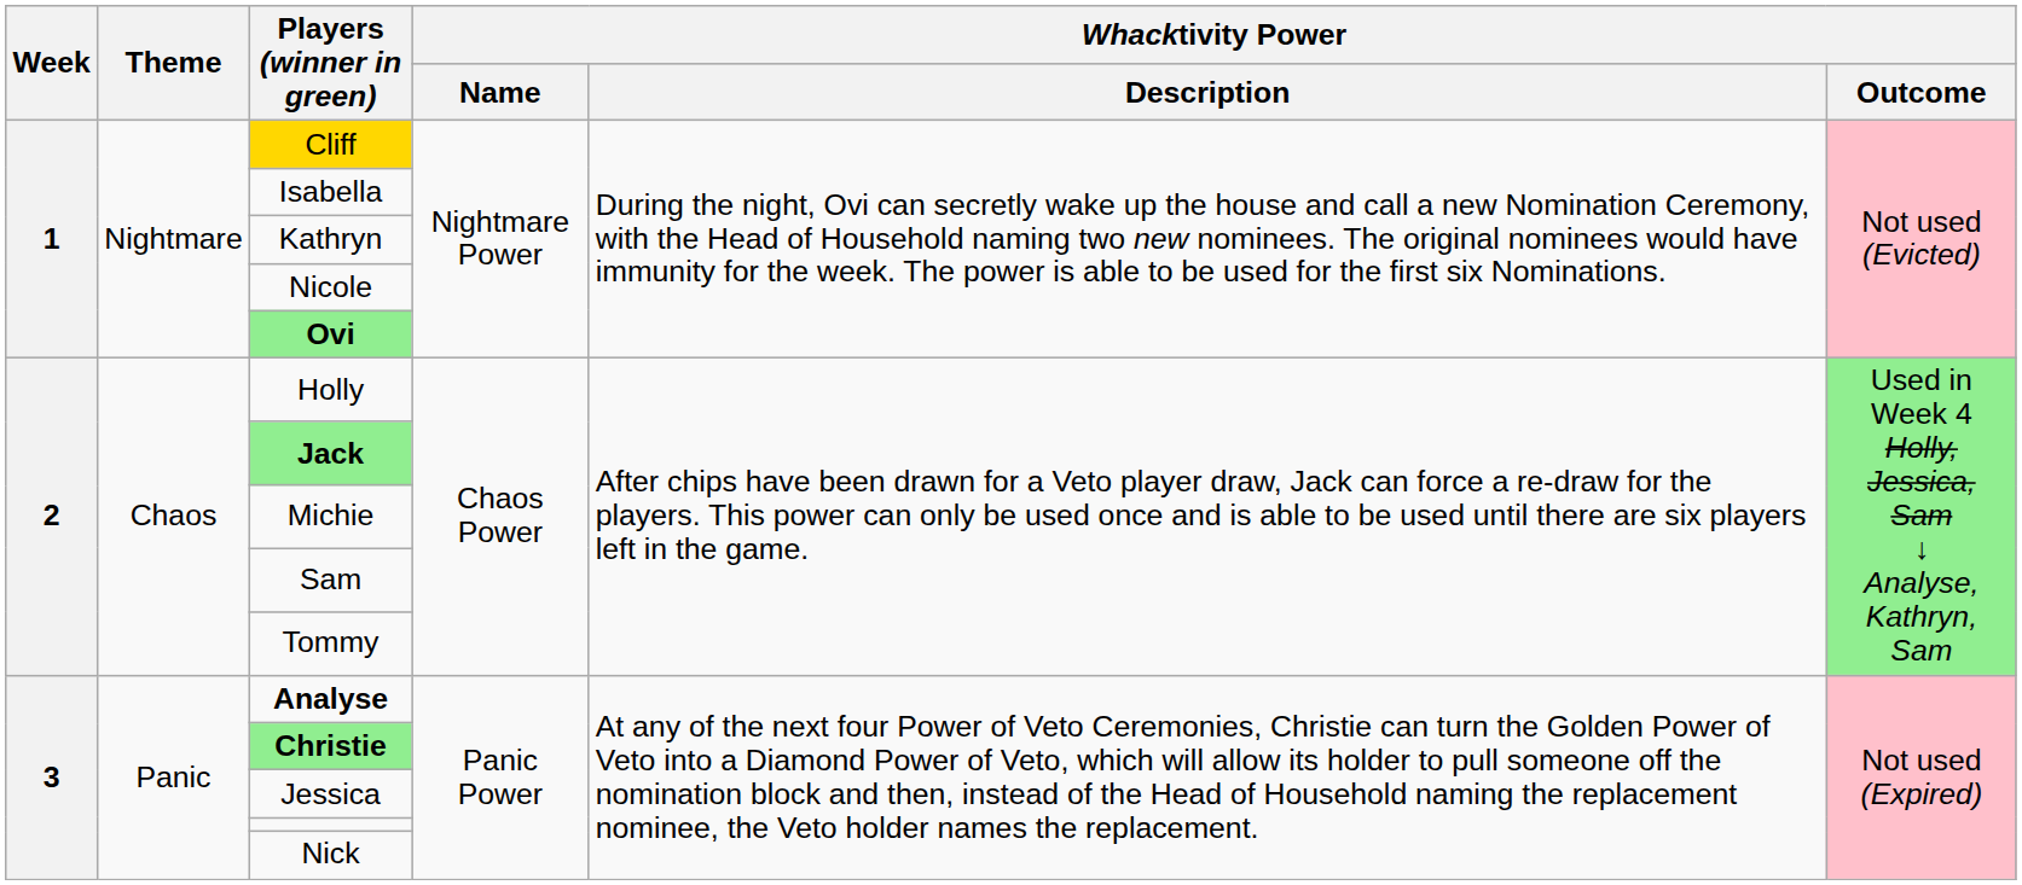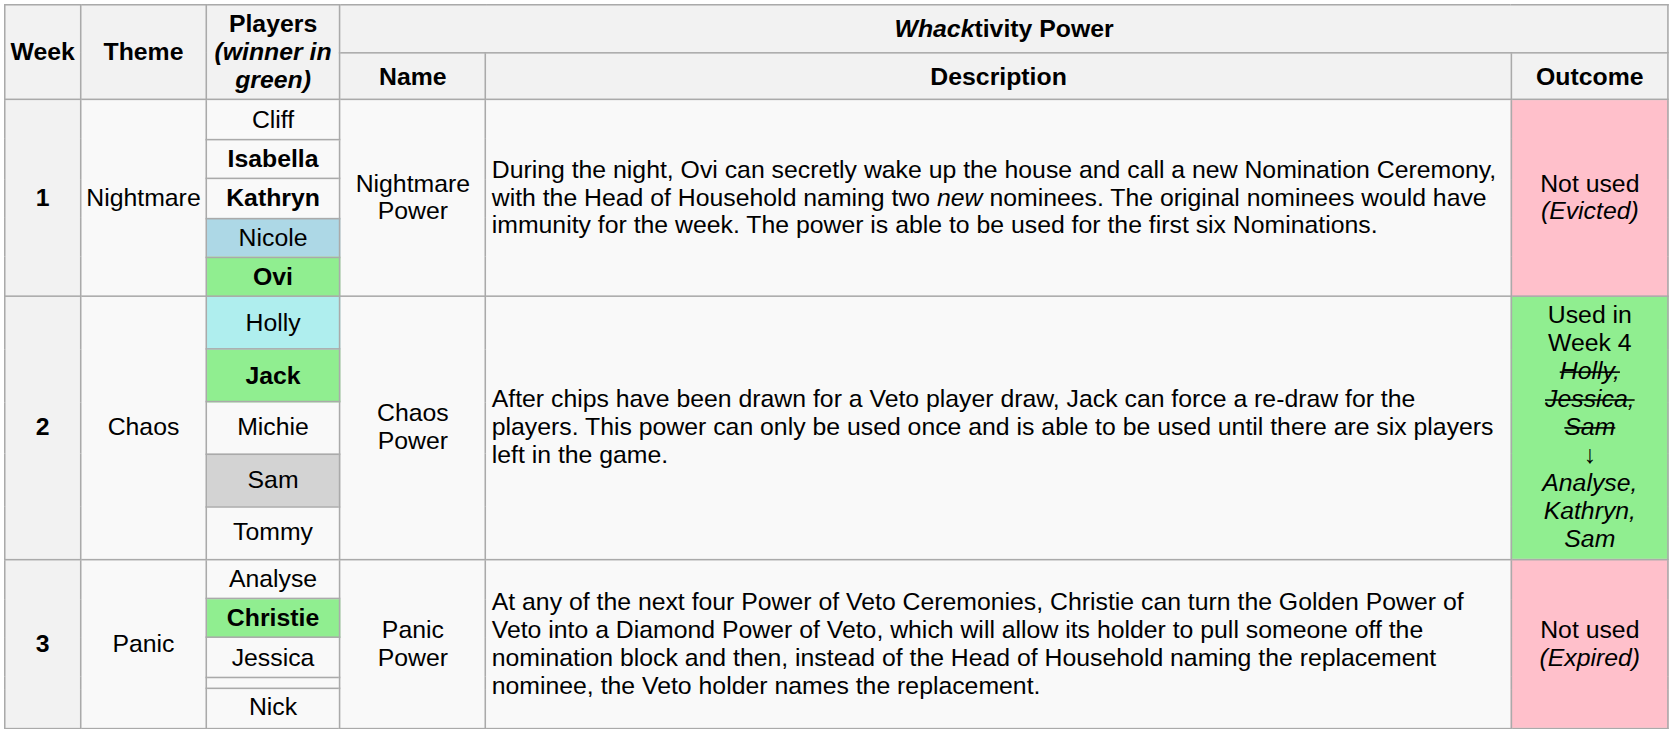 <table class="wikitable" style="text-align:center; width:85%">
 <tr>
 <th scope="col" rowspan="2">Week</th>
 <th scope="col" rowspan="2">Theme</th>
 <th scope="col" rowspan="2">Players<br><em>(winner in green)</em></th>
 <th scope="colgroup" colspan="3"><em>Whack</em>tivity Power</th>
 </tr>
 <tr>
 <th scope="col">Name</th>
 <th scope="col">Description</th>
 <th scope="col">Outcome</th>
 </tr>
 <tr>
 <th scope="rowgroup" rowspan="5">1</th>
 <td rowspan="5">Nightmare</td>
-<td style="background: gold;">Cliff</td>
+<td>Cliff</td>
 <td rowspan="5">Nightmare Power</td>
 <td rowspan="5" style="text-align:left">During the night, Ovi can secretly wake up the house and call a new Nomination Ceremony, with the Head of Household naming two <em>new</em> nominees. The original nominees would have immunity for the week. The power is able to be used for the first six Nominations.</td>
 <td rowspan="5" style="background:#FFC0CB;">Not used<br><em>(Evicted)</em></td>
 </tr>
 <tr>
-<td>Isabella</td>
+<td><strong>Isabella</strong></td>
 </tr>
 <tr>
-<td>Kathryn</td>
+<td><strong>Kathryn</strong></td>
 </tr>
 <tr>
-<td>Nicole</td>
+<td style="background: lightblue;">Nicole</td>
 </tr>
 <tr>
 <td style="background:#90EE90;"><strong>Ovi</strong></td>
 </tr>
 <tr>
 <th scope="rowgroup" rowspan="5">2</th>
 <td rowspan="5">Chaos</td>
-<td>Holly</td>
+<td style="background: paleturquoise;">Holly</td>
 <td rowspan="5">Chaos Power</td>
 <td style="text-align:left" rowspan="5">After chips have been drawn for a Veto player draw, Jack can force a re-draw for the players. This power can only be used once and is able to be used until there are six players left in the game.</td>
 <td style="background:#90EE90;" rowspan="5">Used in Week 4<br><s><em>Holly, Jessica, Sam</em></s><br>↓<br><em>Analyse, Kathryn, Sam</em></td>
 </tr>
 <tr>
 <td style="background:#90EE90;"><strong>Jack</strong></td>
 </tr>
 <tr>
 <td>Michie</td>
 </tr>
 <tr>
-<td>Sam</td>
+<td style="background: lightgrey;">Sam</td>
 </tr>
 <tr>
 <td>Tommy</td>
 </tr>
 <tr>
 <th scope="rowgroup" rowspan="5">3</th>
 <td rowspan="5">Panic</td>
-<td><strong>Analyse</strong></td>
+<td>Analyse</td>
 <td rowspan="5">Panic Power<br></td>
 <td style="text-align:left" rowspan="5">At any of the next four Power of Veto Ceremonies, Christie can turn the Golden Power of Veto into a Diamond Power of Veto, which will allow its holder to pull someone off the nomination block and then, instead of the Head of Household naming the replacement nominee, the Veto holder names the replacement.</td>
 <td rowspan="5" style="background:#FFC0CB;">Not used<br><em>(Expired)</em></td>
 </tr>
 <tr>
 <td style="background:#90EE90;"><strong>Christie</strong></td>
 </tr>
 <tr>
 <td>Jessica</td>
 </tr>
 <tr>
 <td></td>
 </tr>
 <tr>
 <td>Nick</td>
 </tr>
 </table>
